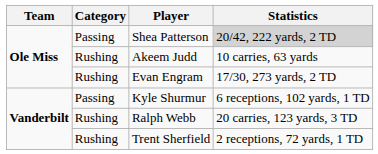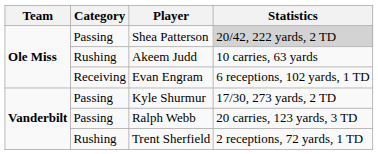 <table class="wikitable" style="float: right;">
 <tr>
 <th>Team</th>
 <th>Category</th>
 <th>Player</th>
 <th>Statistics</th>
 </tr>
 <tr>
 <td rowspan=3><strong>Ole Miss</strong></td>
 <td>Passing</td>
 <td>Shea Patterson</td>
 <td style="background: lightgrey;">20/42, 222 yards, 2 TD</td>
 </tr>
 <tr>
 <td>Rushing</td>
 <td>Akeem Judd</td>
 <td>10 carries, 63 yards</td>
 </tr>
 <tr>
-<td>Rushing</td>
+<td>Receiving</td>
 <td>Evan Engram</td>
-<td>17/30, 273 yards, 2 TD</td>
+<td>6 receptions, 102 yards, 1 TD</td>
 </tr>
 <tr>
 <td rowspan=3><strong>Vanderbilt</strong></td>
 <td>Passing</td>
 <td>Kyle Shurmur</td>
-<td>6 receptions, 102 yards, 1 TD</td>
+<td>17/30, 273 yards, 2 TD</td>
 </tr>
 <tr>
-<td>Rushing</td>
+<td>Passing</td>
 <td>Ralph Webb</td>
 <td>20 carries, 123 yards, 3 TD</td>
 </tr>
 <tr>
 <td>Rushing</td>
 <td>Trent Sherfield</td>
 <td>2 receptions, 72 yards, 1 TD</td>
 </tr>
 </table>
